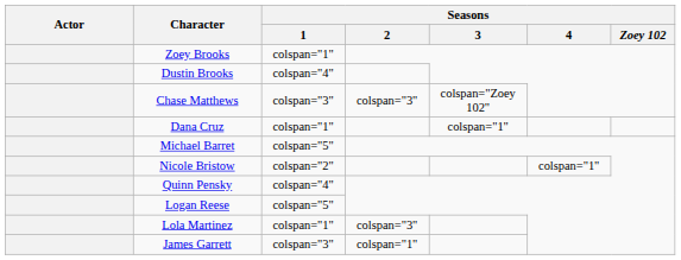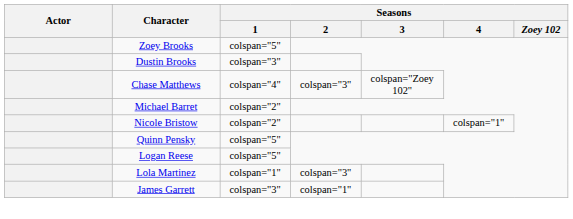 <table class="wikitable plainrowheaders" style="text-align:center">
 <tr>
 <th rowspan="2" style="width:14%;" scope="col">Actor</th>
 <th rowspan="2" style="width:14%;" scope="col">Character</th>
 <th colspan="5">Seasons</th>
 </tr>
 <tr>
 <th style="width:7%;" scope="col">1</th>
 <th style="width:7%;" scope="col">2</th>
 <th style="width:7%;" scope="col">3</th>
 <th style="width:7%;" scope="col">4</th>
 <th style="width:7%;" scope="col"><em>Zoey 102</em></th>
 </tr>
 <tr>
 <th scope="row"></th>
 <td><a href='#'>Zoey Brooks</a></td>
-<td>colspan="1" </td>
+<td>colspan="5" </td>
 </tr>
 <tr>
 <th scope="row"></th>
 <td><a href='#'>Dustin Brooks</a></td>
-<td>colspan="4" </td>
+<td>colspan="3" </td>
 <td></td>
 </tr>
 <tr>
 <th scope="row"></th>
 <td><a href='#'>Chase Matthews</a></td>
-<td>colspan="3" </td>
+<td>colspan="4" </td>
 <td>colspan="3" </td>
 <td>colspan="Zoey 102" </td>
 </tr>
 <tr>
 <th scope="row"></th>
-<td><a href='#'>Dana Cruz</a></td>
-<td>colspan="1" </td>
-<td></td>
-<td>colspan="1" </td>
-<td></td>
-<td></td>
-</tr>
-<tr>
-<th scope="row"></th>
 <td><a href='#'>Michael Barret</a></td>
-<td>colspan="5" </td>
+<td>colspan="2" </td>
 </tr>
 <tr>
 <th scope="row"></th>
 <td><a href='#'>Nicole Bristow</a></td>
 <td>colspan="2" </td>
 <td></td>
 <td></td>
 <td>colspan="1" </td>
 </tr>
 <tr>
 <th scope="row"></th>
 <td><a href='#'>Quinn Pensky</a></td>
-<td>colspan="4" </td>
+<td>colspan="5" </td>
 </tr>
 <tr>
 <th scope="row"></th>
 <td><a href='#'>Logan Reese</a></td>
 <td>colspan="5" </td>
 </tr>
 <tr>
 <th scope="row"></th>
 <td><a href='#'>Lola Martinez</a></td>
 <td>colspan="1" </td>
 <td>colspan="3" </td>
 <td></td>
 </tr>
 <tr>
 <th scope="row"></th>
 <td><a href='#'>James Garrett</a></td>
 <td>colspan="3" </td>
 <td>colspan="1" </td>
 <td></td>
 </tr>
 </table>
